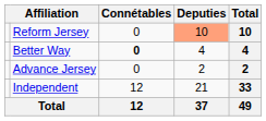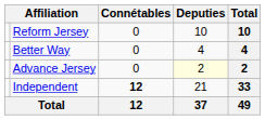 <table class=wikitable>
 <tr>
 <th colspan=2>Affiliation</th>
 <th>Connétables</th>
 <th>Deputies</th>
 <th>Total</th>
 </tr>
 <tr>
 <td></td>
 <td><a href='#'>Reform Jersey</a></td>
 <td align=center>0</td>
-<td align=center style="background: lightsalmon;">10</td>
+<td align=center>10</td>
 <th align=center>10</th>
 </tr>
 <tr>
 <td></td>
 <td><a href='#'>Better Way</a></td>
-<td align=center><strong>0</strong></td>
+<td align=center>0</td>
 <td align=center>4</td>
 <th align=center>4</th>
 </tr>
 <tr>
 <td></td>
 <td><a href='#'>Advance Jersey</a></td>
 <td align=center>0</td>
-<td align=center>2</td>
+<td align=center style="background: lightyellow;">2</td>
 <th align=center>2</th>
 </tr>
 <tr>
 <td></td>
 <td><a href='#'>Independent</a></td>
-<td align=center>12</td>
+<td align=center><strong>12</strong></td>
 <td align=center>21</td>
 <th align=center>33</th>
 </tr>
 <tr>
 <th colspan="2" style="text-align:center;">Total</th>
 <th align=center>12</th>
 <th align=center>37</th>
 <th align=center>49</th>
 </tr>
 </table>
